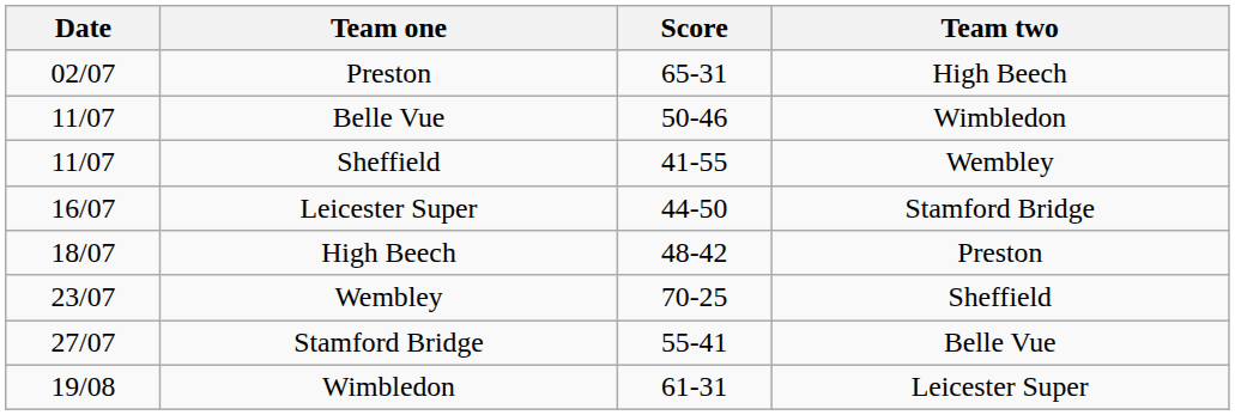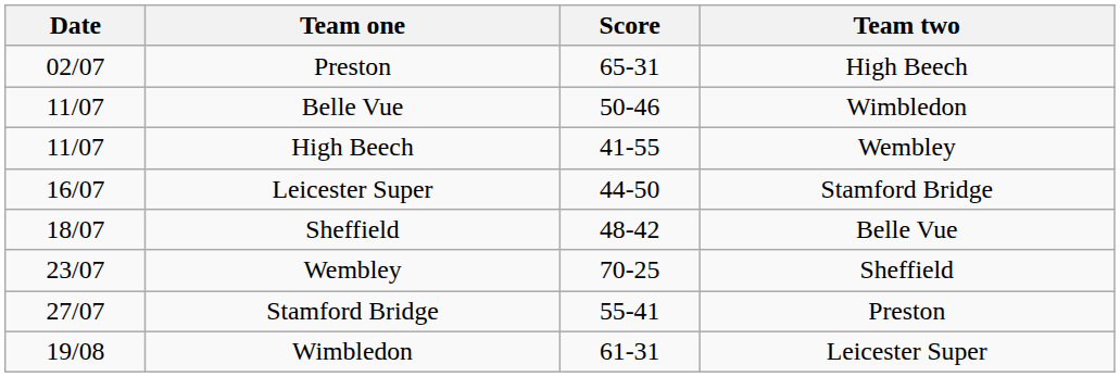 <table class="wikitable" style="text-align: center">
 <tr>
 <th width=80>Date</th>
 <th width=250>Team one</th>
 <th width=80>Score</th>
 <th width=250>Team two</th>
 </tr>
 <tr>
 <td>02/07</td>
 <td>Preston</td>
 <td>65-31</td>
 <td>High Beech</td>
 </tr>
 <tr>
 <td>11/07</td>
 <td>Belle Vue</td>
 <td>50-46</td>
 <td>Wimbledon</td>
 </tr>
 <tr>
 <td>11/07</td>
-<td>Sheffield</td>
+<td>High Beech</td>
 <td>41-55</td>
 <td>Wembley</td>
 </tr>
 <tr>
 <td>16/07</td>
 <td>Leicester Super</td>
 <td>44-50</td>
 <td>Stamford Bridge</td>
 </tr>
 <tr>
 <td>18/07</td>
-<td>High Beech</td>
+<td>Sheffield</td>
 <td>48-42</td>
-<td>Preston</td>
+<td>Belle Vue</td>
 </tr>
 <tr>
 <td>23/07</td>
 <td>Wembley</td>
 <td>70-25</td>
 <td>Sheffield</td>
 </tr>
 <tr>
 <td>27/07</td>
 <td>Stamford Bridge</td>
 <td>55-41</td>
-<td>Belle Vue</td>
+<td>Preston</td>
 </tr>
 <tr>
 <td>19/08</td>
 <td>Wimbledon</td>
 <td>61-31</td>
 <td>Leicester Super</td>
 </tr>
 </table>
